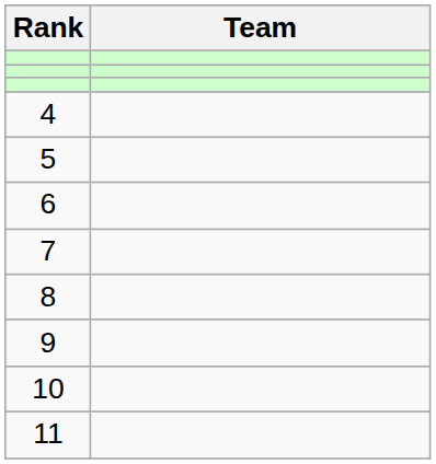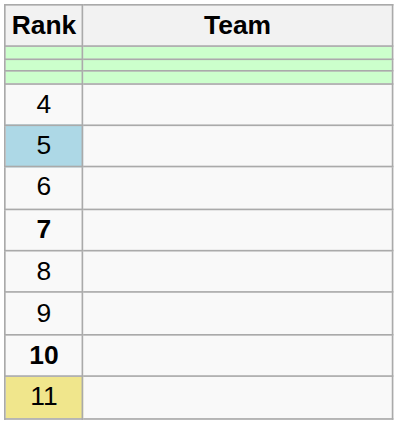 <table class="wikitable" style="text-align: center;">
 <tr>
 <th width=40>Rank</th>
 <th width=180>Team</th>
 </tr>
 <tr bgcolor=#CCFFCC>
 <td></td>
 <td align="left"></td>
 </tr>
 <tr bgcolor=#CCFFCC>
 <td></td>
 <td align="left"></td>
 </tr>
 <tr bgcolor=#CCFFCC>
 <td></td>
 <td align="left"></td>
 </tr>
 <tr>
 <td>4</td>
 <td align="left"></td>
 </tr>
 <tr>
-<td>5</td>
+<td style="background: lightblue;">5</td>
 <td align="left"></td>
 </tr>
 <tr>
 <td>6</td>
 <td align="left"></td>
 </tr>
 <tr>
-<td>7</td>
+<td><strong>7</strong></td>
 <td align="left"></td>
 </tr>
 <tr>
 <td>8</td>
 <td align="left"></td>
 </tr>
 <tr>
 <td>9</td>
 <td align="left"></td>
 </tr>
 <tr>
-<td>10</td>
+<td><strong>10</strong></td>
 <td align="left"></td>
 </tr>
 <tr>
-<td>11</td>
+<td style="background: khaki;">11</td>
 <td align="left"></td>
 </tr>
 </table>
